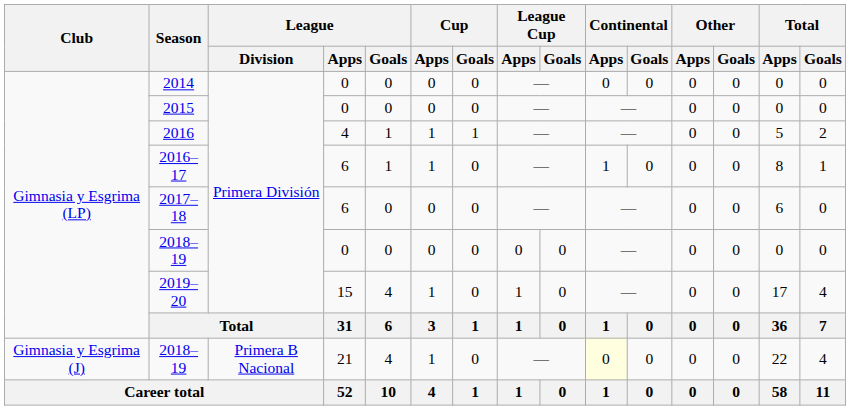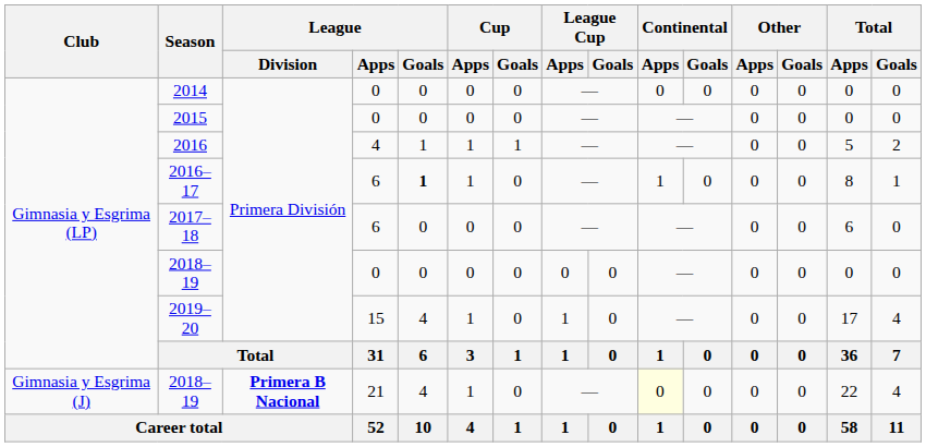 <table class="wikitable" style="text-align:center">
 <tr>
 <th rowspan="2">Club</th>
 <th rowspan="2">Season</th>
 <th colspan="3">League</th>
 <th colspan="2">Cup</th>
 <th colspan="2">League Cup</th>
 <th colspan="2">Continental</th>
 <th colspan="2">Other</th>
 <th colspan="2">Total</th>
 </tr>
 <tr>
 <th>Division</th>
 <th>Apps</th>
 <th>Goals</th>
 <th>Apps</th>
 <th>Goals</th>
 <th>Apps</th>
 <th>Goals</th>
 <th>Apps</th>
 <th>Goals</th>
 <th>Apps</th>
 <th>Goals</th>
 <th>Apps</th>
 <th>Goals</th>
 </tr>
 <tr>
 <td rowspan="8"><a href='#'>Gimnasia y Esgrima (LP)</a></td>
 <td><a href='#'>2014</a></td>
 <td rowspan="7"><a href='#'>Primera División</a></td>
 <td>0</td>
 <td>0</td>
 <td>0</td>
 <td>0</td>
 <td colspan="2">—</td>
 <td>0</td>
 <td>0</td>
 <td>0</td>
 <td>0</td>
 <td>0</td>
 <td>0</td>
 </tr>
 <tr>
 <td><a href='#'>2015</a></td>
 <td>0</td>
 <td>0</td>
 <td>0</td>
 <td>0</td>
 <td colspan="2">—</td>
 <td colspan="2">—</td>
 <td>0</td>
 <td>0</td>
 <td>0</td>
 <td>0</td>
 </tr>
 <tr>
 <td><a href='#'>2016</a></td>
 <td>4</td>
 <td>1</td>
 <td>1</td>
 <td>1</td>
 <td colspan="2">—</td>
 <td colspan="2">—</td>
 <td>0</td>
 <td>0</td>
 <td>5</td>
 <td>2</td>
 </tr>
 <tr>
 <td><a href='#'>2016–17</a></td>
 <td>6</td>
-<td>1</td>
+<td><strong>1</strong></td>
 <td>1</td>
 <td>0</td>
 <td colspan="2">—</td>
 <td>1</td>
 <td>0</td>
 <td>0</td>
 <td>0</td>
 <td>8</td>
 <td>1</td>
 </tr>
 <tr>
 <td><a href='#'>2017–18</a></td>
 <td>6</td>
 <td>0</td>
 <td>0</td>
 <td>0</td>
 <td colspan="2">—</td>
 <td colspan="2">—</td>
 <td>0</td>
 <td>0</td>
 <td>6</td>
 <td>0</td>
 </tr>
 <tr>
 <td><a href='#'>2018–19</a></td>
 <td>0</td>
 <td>0</td>
 <td>0</td>
 <td>0</td>
 <td>0</td>
 <td>0</td>
 <td colspan="2">—</td>
 <td>0</td>
 <td>0</td>
 <td>0</td>
 <td>0</td>
 </tr>
 <tr>
 <td><a href='#'>2019–20</a></td>
 <td>15</td>
 <td>4</td>
 <td>1</td>
 <td>0</td>
 <td>1</td>
 <td>0</td>
 <td colspan="2">—</td>
 <td>0</td>
 <td>0</td>
 <td>17</td>
 <td>4</td>
 </tr>
 <tr>
 <th colspan="2">Total</th>
 <th>31</th>
 <th>6</th>
 <th>3</th>
 <th>1</th>
 <th>1</th>
 <th>0</th>
 <th>1</th>
 <th>0</th>
 <th>0</th>
 <th>0</th>
 <th>36</th>
 <th>7</th>
 </tr>
 <tr>
 <td rowspan="1"><a href='#'>Gimnasia y Esgrima (J)</a></td>
 <td><a href='#'>2018–19</a></td>
-<td rowspan="1"><a href='#'>Primera B Nacional</a></td>
+<td rowspan="1"><strong><a href='#'>Primera B Nacional</a></strong></td>
 <td>21</td>
 <td>4</td>
 <td>1</td>
 <td>0</td>
 <td colspan="2">—</td>
 <td style="background: lightyellow;">0</td>
 <td>0</td>
 <td>0</td>
 <td>0</td>
 <td>22</td>
 <td>4</td>
 </tr>
 <tr>
 <th colspan="3">Career total</th>
 <th>52</th>
 <th>10</th>
 <th>4</th>
 <th>1</th>
 <th>1</th>
 <th>0</th>
 <th>1</th>
 <th>0</th>
 <th>0</th>
 <th>0</th>
 <th>58</th>
 <th>11</th>
 </tr>
 </table>
